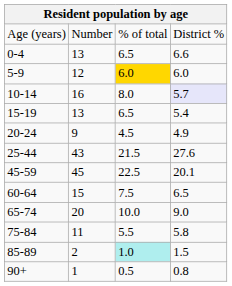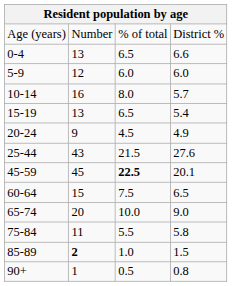 <table class="wikitable">
 <tr>
 <th colspan="4">Resident  population by age</th>
 </tr>
 <tr>
 <td>Age  (years)</td>
 <td>Number</td>
 <td>% of  total</td>
 <td>District %</td>
 </tr>
 <tr>
 <td>0-4</td>
 <td>13</td>
 <td>6.5</td>
 <td>6.6</td>
 </tr>
 <tr>
 <td>5-9</td>
 <td>12</td>
-<td style="background: gold;">6.0</td>
+<td>6.0</td>
 <td>6.0</td>
 </tr>
 <tr>
 <td>10-14</td>
 <td>16</td>
 <td>8.0</td>
-<td style="background: lavender;">5.7</td>
+<td>5.7</td>
 </tr>
 <tr>
 <td>15-19</td>
 <td>13</td>
 <td>6.5</td>
 <td>5.4</td>
 </tr>
 <tr>
 <td>20-24</td>
 <td>9</td>
 <td>4.5</td>
 <td>4.9</td>
 </tr>
 <tr>
 <td>25-44</td>
 <td>43</td>
 <td>21.5</td>
 <td>27.6</td>
 </tr>
 <tr>
 <td>45-59</td>
 <td>45</td>
-<td>22.5</td>
+<td><strong>22.5</strong></td>
 <td>20.1</td>
 </tr>
 <tr>
 <td>60-64</td>
 <td>15</td>
 <td>7.5</td>
 <td>6.5</td>
 </tr>
 <tr>
 <td>65-74</td>
 <td>20</td>
 <td>10.0</td>
 <td>9.0</td>
 </tr>
 <tr>
 <td>75-84</td>
 <td>11</td>
 <td>5.5</td>
 <td>5.8</td>
 </tr>
 <tr>
 <td>85-89</td>
-<td>2</td>
-<td style="background: paleturquoise;">1.0</td>
+<td><strong>2</strong></td>
+<td>1.0</td>
 <td>1.5</td>
 </tr>
 <tr>
 <td>90+</td>
 <td>1</td>
 <td>0.5</td>
 <td>0.8</td>
 </tr>
 </table>
